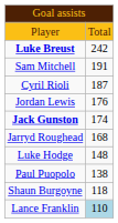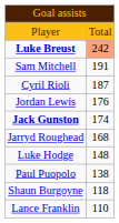 <table class="wikitable" style="text-align:center;">
 <tr>
 <td colspan="2" style="text-align:center; background: #4D2004; color: #FBBF15">Goal assists</td>
 </tr>
 <tr>
 <td style="text-align:center; background: #FBBF15; color: #4D2004">Player</td>
 <td style="text-align:center; background: #FBBF15; color: #4D2004">Total</td>
 </tr>
 <tr>
 <td><strong><a href='#'>Luke Breust</a></strong></td>
-<td>242</td>
+<td style="background: lightsalmon;">242</td>
 </tr>
 <tr>
 <td><a href='#'>Sam Mitchell</a></td>
 <td>191</td>
 </tr>
 <tr>
 <td><a href='#'>Cyril Rioli</a></td>
 <td>187</td>
 </tr>
 <tr>
 <td><a href='#'>Jordan Lewis</a></td>
 <td>176</td>
 </tr>
 <tr>
 <td><strong><a href='#'>Jack Gunston</a></strong></td>
 <td>174</td>
 </tr>
 <tr>
 <td><a href='#'>Jarryd Roughead</a></td>
 <td>168</td>
 </tr>
 <tr>
 <td><a href='#'>Luke Hodge</a></td>
 <td>148</td>
 </tr>
 <tr>
 <td><a href='#'>Paul Puopolo</a></td>
 <td>138</td>
 </tr>
 <tr>
 <td><a href='#'>Shaun Burgoyne</a></td>
 <td>118</td>
 </tr>
 <tr>
 <td><a href='#'>Lance Franklin</a></td>
-<td style="background: lightblue;">110</td>
+<td>110</td>
 </tr>
 </table>
